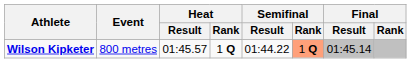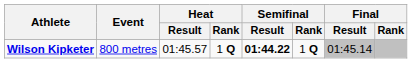 <table class="wikitable" style="font-size:90%">
 <tr>
 <th rowspan="2">Athlete</th>
 <th rowspan="2">Event</th>
 <th colspan="2">Heat</th>
 <th colspan="2">Semifinal</th>
 <th colspan="2">Final</th>
 </tr>
 <tr style="font-size:95%">
 <th>Result</th>
 <th>Rank</th>
 <th>Result</th>
 <th>Rank</th>
 <th>Result</th>
 <th>Rank</th>
 </tr>
 <tr align=center>
 <td align=left><strong><a href='#'>Wilson Kipketer</a></strong></td>
 <td align=left rowspan=1><a href='#'>800 metres</a></td>
 <td>01:45.57</td>
 <td>1 <strong>Q</strong></td>
-<td>01:44.22</td>
-<td style="background: lightsalmon;">1 <strong>Q</strong></td>
+<td><strong>01:44.22</strong></td>
+<td>1 <strong>Q</strong></td>
 <td align="center" bgcolor='silver'>01:45.14</td>
 <td align="center" bgcolor='silver'></td>
 </tr>
 </table>
